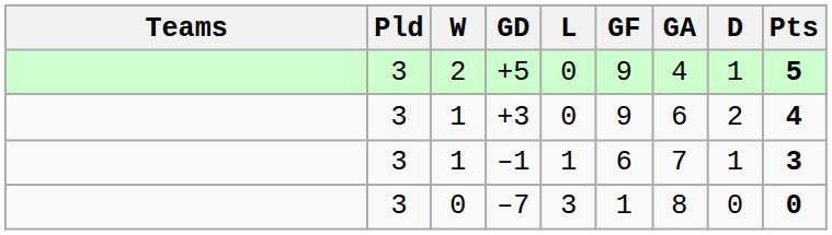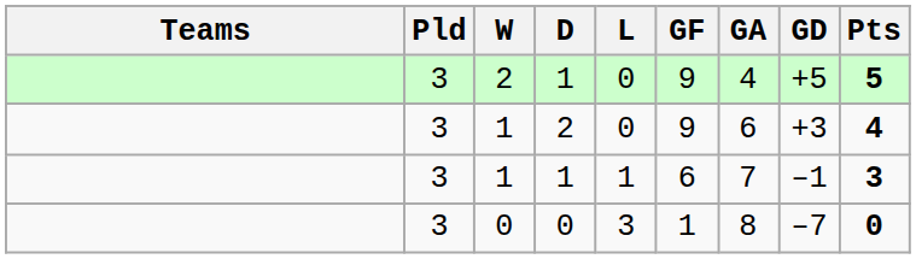 <table class="wikitable" style="text-align: center;">
 <tr>
 <th width=165>Teams</th>
 <th width=20>Pld</th>
 <th width=20>W</th>
-<th width=20>GD</th>
+<th width=20>D</th>
 <th width=20>L</th>
 <th width=20>GF</th>
 <th width=20>GA</th>
-<th width=20>D</th>
+<th width=20>GD</th>
 <th width=20>Pts</th>
 </tr>
 <tr align=center style="background:#ccffcc;">
 <td style="text-align:left;"></td>
 <td>3</td>
 <td>2</td>
-<td>+5</td>
+<td>1</td>
 <td>0</td>
 <td>9</td>
 <td>4</td>
-<td>1</td>
+<td>+5</td>
 <td><strong>5</strong></td>
 </tr>
 <tr align=center>
 <td style="text-align:left;"></td>
 <td>3</td>
 <td>1</td>
-<td>+3</td>
+<td>2</td>
 <td>0</td>
 <td>9</td>
 <td>6</td>
-<td>2</td>
+<td>+3</td>
 <td><strong>4</strong></td>
 </tr>
 <tr align=center>
 <td style="text-align:left;"></td>
 <td>3</td>
 <td>1</td>
-<td>–1</td>
+<td>1</td>
 <td>1</td>
 <td>6</td>
 <td>7</td>
-<td>1</td>
+<td>–1</td>
 <td><strong>3</strong></td>
 </tr>
 <tr align=center>
 <td style="text-align:left;"></td>
 <td>3</td>
 <td>0</td>
-<td>–7</td>
+<td>0</td>
 <td>3</td>
 <td>1</td>
 <td>8</td>
-<td>0</td>
+<td>–7</td>
 <td><strong>0</strong></td>
 </tr>
 </table>
